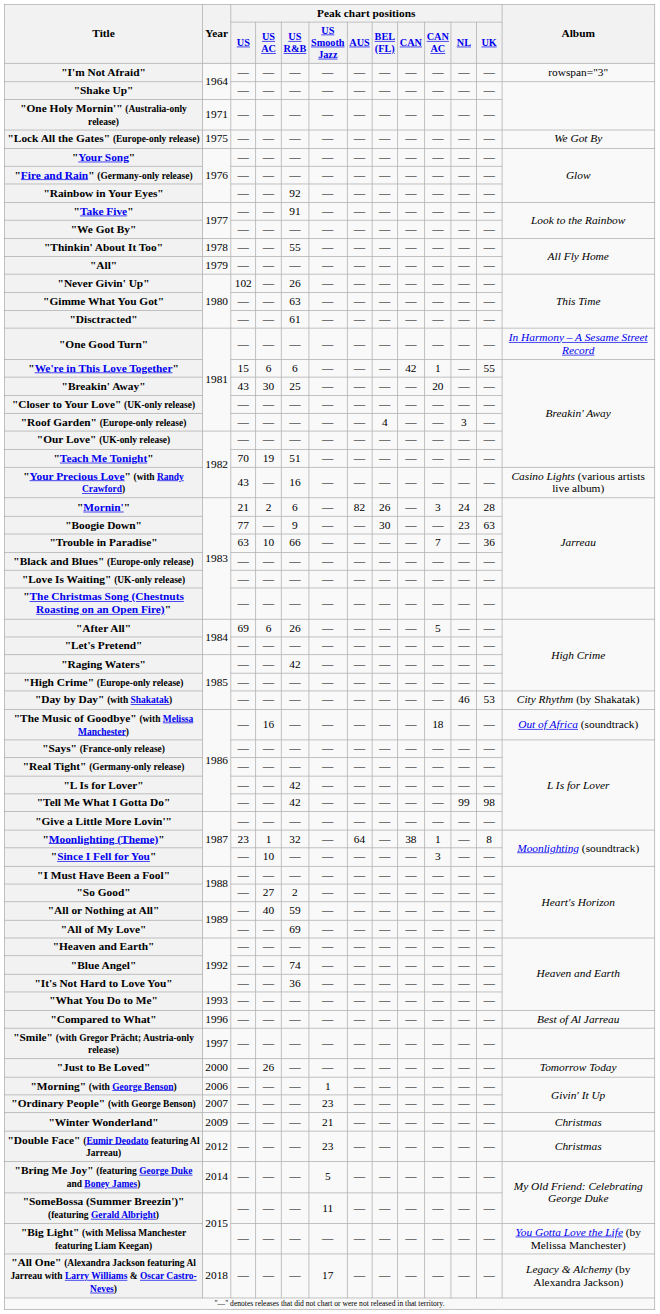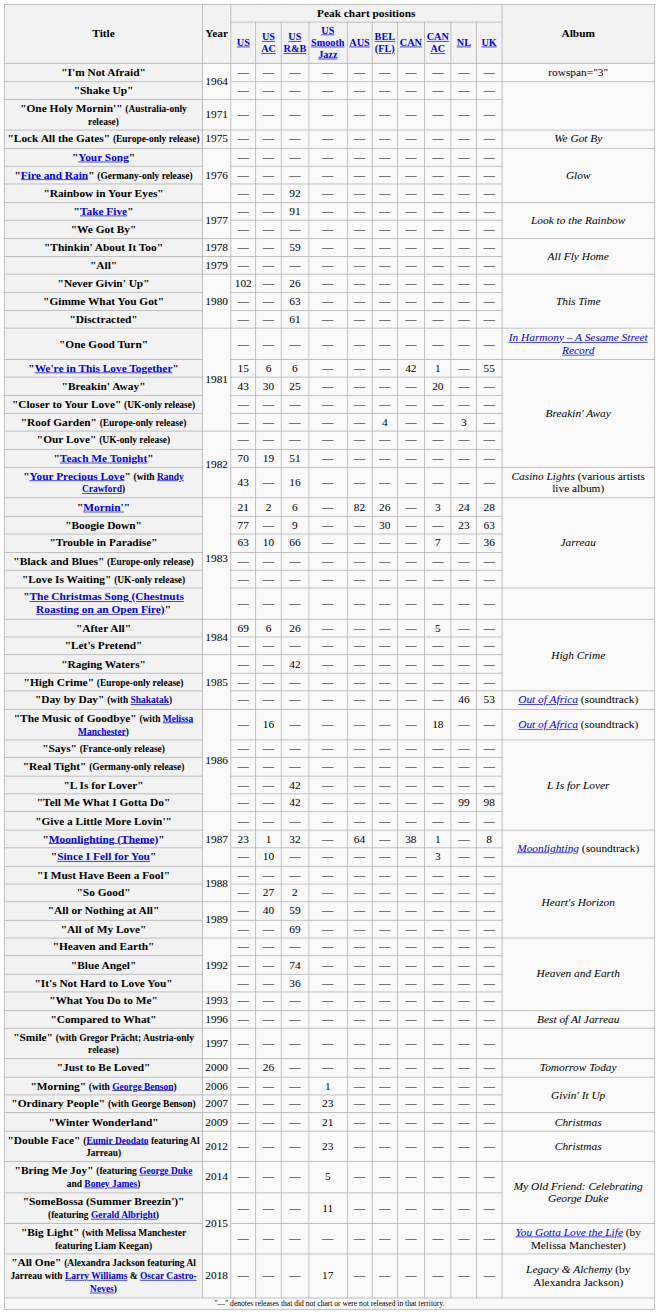 <table class="wikitable plainrowheaders" style="text-align:center;">
 <tr>
 <th rowspan="2" scope="col" style="width:17em;">Title</th>
 <th rowspan="2" scope="col" style="width:2em;">Year</th>
 <th colspan="10">Peak chart positions</th>
 <th rowspan="2" style="width:13em;">Album</th>
 </tr>
 <tr>
 <th scope="col" style="width:2em;font-size:90%;"><a href='#'>US</a><br></th>
 <th scope="col" style="width:2em;font-size:90%;"><a href='#'>US AC</a><br></th>
 <th scope="col" style="width:2em;font-size:90%;"><a href='#'>US R&B</a><br></th>
 <th scope="col" style="width:2em;font-size:90%;"><a href='#'>US Smooth Jazz</a><br></th>
 <th scope="col" style="width:2em;font-size:90%;"><a href='#'>AUS</a><br></th>
 <th scope="col" style="width:2em;font-size:90%;"><a href='#'>BEL (FL)</a><br></th>
 <th scope="col" style="width:2em;font-size:90%;"><a href='#'>CAN</a><br></th>
 <th scope="col" style="width:2em;font-size:90%;"><a href='#'>CAN AC</a><br></th>
 <th scope="col" style="width:2em;font-size:90%;"><a href='#'>NL</a><br></th>
 <th scope="col" style="width:2em;font-size:90%;"><a href='#'>UK</a><br></th>
 </tr>
 <tr>
 <th scope="row">"I'm Not Afraid"</th>
 <td rowspan="2">1964</td>
 <td>—</td>
 <td>—</td>
 <td>—</td>
 <td>—</td>
 <td>—</td>
 <td>—</td>
 <td>—</td>
 <td>—</td>
 <td>—</td>
 <td>—</td>
 <td>rowspan="3" </td>
 </tr>
 <tr>
 <th scope="row">"Shake Up"</th>
 <td>—</td>
 <td>—</td>
 <td>—</td>
 <td>—</td>
 <td>—</td>
 <td>—</td>
 <td>—</td>
 <td>—</td>
 <td>—</td>
 <td>—</td>
 </tr>
 <tr>
 <th scope="row">"One Holy Mornin'" <small>(Australia-only release)</small></th>
 <td>1971</td>
 <td>—</td>
 <td>—</td>
 <td>—</td>
 <td>—</td>
 <td>—</td>
 <td>—</td>
 <td>—</td>
 <td>—</td>
 <td>—</td>
 <td>—</td>
 </tr>
 <tr>
 <th scope="row">"Lock All the Gates" <small>(Europe-only release)</small></th>
 <td>1975</td>
 <td>—</td>
 <td>—</td>
 <td>—</td>
 <td>—</td>
 <td>—</td>
 <td>—</td>
 <td>—</td>
 <td>—</td>
 <td>—</td>
 <td>—</td>
 <td><em>We Got By</em></td>
 </tr>
 <tr>
 <th scope="row">"<a href='#'>Your Song</a>"</th>
 <td rowspan="3">1976</td>
 <td>—</td>
 <td>—</td>
 <td>—</td>
 <td>—</td>
 <td>—</td>
 <td>—</td>
 <td>—</td>
 <td>—</td>
 <td>—</td>
 <td>—</td>
 <td rowspan="3"><em>Glow</em></td>
 </tr>
 <tr>
 <th scope="row">"<a href='#'>Fire and Rain</a>" <small>(Germany-only release)</small></th>
 <td>—</td>
 <td>—</td>
 <td>—</td>
 <td>—</td>
 <td>—</td>
 <td>—</td>
 <td>—</td>
 <td>—</td>
 <td>—</td>
 <td>—</td>
 </tr>
 <tr>
 <th scope="row">"Rainbow in Your Eyes"</th>
 <td>—</td>
 <td>—</td>
 <td>92</td>
 <td>—</td>
 <td>—</td>
 <td>—</td>
 <td>—</td>
 <td>—</td>
 <td>—</td>
 <td>—</td>
 </tr>
 <tr>
 <th scope="row">"<a href='#'>Take Five</a>"</th>
 <td rowspan="2">1977</td>
 <td>—</td>
 <td>—</td>
 <td>91</td>
 <td>—</td>
 <td>—</td>
 <td>—</td>
 <td>—</td>
 <td>—</td>
 <td>—</td>
 <td>—</td>
 <td rowspan="2"><em>Look to the Rainbow</em></td>
 </tr>
 <tr>
 <th scope="row">"We Got By"</th>
 <td>—</td>
 <td>—</td>
 <td>—</td>
 <td>—</td>
 <td>—</td>
 <td>—</td>
 <td>—</td>
 <td>—</td>
 <td>—</td>
 <td>—</td>
 </tr>
 <tr>
 <th scope="row">"Thinkin' About It Too"</th>
 <td>1978</td>
 <td>—</td>
 <td>—</td>
-<td>55</td>
+<td>59</td>
 <td>—</td>
 <td>—</td>
 <td>—</td>
 <td>—</td>
 <td>—</td>
 <td>—</td>
 <td>—</td>
 <td rowspan="2"><em>All Fly Home</em></td>
 </tr>
 <tr>
 <th scope="row">"All"</th>
 <td>1979</td>
 <td>—</td>
 <td>—</td>
 <td>—</td>
 <td>—</td>
 <td>—</td>
 <td>—</td>
 <td>—</td>
 <td>—</td>
 <td>—</td>
 <td>—</td>
 </tr>
 <tr>
 <th scope="row">"Never Givin' Up"</th>
 <td rowspan="3">1980</td>
 <td>102</td>
 <td>—</td>
 <td>26</td>
 <td>—</td>
 <td>—</td>
 <td>—</td>
 <td>—</td>
 <td>—</td>
 <td>—</td>
 <td>—</td>
 <td rowspan="3"><em>This Time</em></td>
 </tr>
 <tr>
 <th scope="row">"Gimme What You Got"</th>
 <td>—</td>
 <td>—</td>
 <td>63</td>
 <td>—</td>
 <td>—</td>
 <td>—</td>
 <td>—</td>
 <td>—</td>
 <td>—</td>
 <td>—</td>
 </tr>
 <tr>
 <th scope="row">"Disctracted"</th>
 <td>—</td>
 <td>—</td>
 <td>61</td>
 <td>—</td>
 <td>—</td>
 <td>—</td>
 <td>—</td>
 <td>—</td>
 <td>—</td>
 <td>—</td>
 </tr>
 <tr>
 <th scope="row">"One Good Turn"</th>
 <td rowspan="5">1981</td>
 <td>—</td>
 <td>—</td>
 <td>—</td>
 <td>—</td>
 <td>—</td>
 <td>—</td>
 <td>—</td>
 <td>—</td>
 <td>—</td>
 <td>—</td>
 <td><em><a href='#'>In Harmony – A Sesame Street Record</a></em></td>
 </tr>
 <tr>
 <th scope="row">"<a href='#'>We're in This Love Together</a>"</th>
 <td>15</td>
 <td>6</td>
 <td>6</td>
 <td>—</td>
 <td>—</td>
 <td>—</td>
 <td>42</td>
 <td>1</td>
 <td>—</td>
 <td>55</td>
 <td rowspan="6"><em>Breakin' Away</em></td>
 </tr>
 <tr>
 <th scope="row">"Breakin' Away"</th>
 <td>43</td>
 <td>30</td>
 <td>25</td>
 <td>—</td>
 <td>—</td>
 <td>—</td>
 <td>—</td>
 <td>20</td>
 <td>—</td>
 <td>—</td>
 </tr>
 <tr>
 <th scope="row">"Closer to Your Love" <small>(UK-only release)</small></th>
 <td>—</td>
 <td>—</td>
 <td>—</td>
 <td>—</td>
 <td>—</td>
 <td>—</td>
 <td>—</td>
 <td>—</td>
 <td>—</td>
 <td>—</td>
 </tr>
 <tr>
 <th scope="row">"Roof Garden" <small>(Europe-only release)</small></th>
 <td>—</td>
 <td>—</td>
 <td>—</td>
 <td>—</td>
 <td>—</td>
 <td>4</td>
 <td>—</td>
 <td>—</td>
 <td>3</td>
 <td>—</td>
 </tr>
 <tr>
 <th scope="row">"Our Love" <small>(UK-only release)</small></th>
 <td rowspan="3">1982</td>
 <td>—</td>
 <td>—</td>
 <td>—</td>
 <td>—</td>
 <td>—</td>
 <td>—</td>
 <td>—</td>
 <td>—</td>
 <td>—</td>
 <td>—</td>
 </tr>
 <tr>
 <th scope="row">"<a href='#'>Teach Me Tonight</a>"</th>
 <td>70</td>
 <td>19</td>
 <td>51</td>
 <td>—</td>
 <td>—</td>
 <td>—</td>
 <td>—</td>
 <td>—</td>
 <td>—</td>
 <td>—</td>
 </tr>
 <tr>
 <th scope="row">"<a href='#'>Your Precious Love</a>" <small>(with <a href='#'>Randy Crawford</a>)</small></th>
 <td>43</td>
 <td>—</td>
 <td>16</td>
 <td>—</td>
 <td>—</td>
 <td>—</td>
 <td>—</td>
 <td>—</td>
 <td>—</td>
 <td>—</td>
 <td><em>Casino Lights</em> (various artists live album)</td>
 </tr>
 <tr>
 <th scope="row">"<a href='#'>Mornin'</a>"</th>
 <td rowspan="6">1983</td>
 <td>21</td>
 <td>2</td>
 <td>6</td>
 <td>—</td>
 <td>82</td>
 <td>26</td>
 <td>—</td>
 <td>3</td>
 <td>24</td>
 <td>28</td>
 <td rowspan="5"><em>Jarreau</em></td>
 </tr>
 <tr>
 <th scope="row">"Boogie Down"</th>
 <td>77</td>
 <td>—</td>
 <td>9</td>
 <td>—</td>
 <td>—</td>
 <td>30</td>
 <td>—</td>
 <td>—</td>
 <td>23</td>
 <td>63</td>
 </tr>
 <tr>
 <th scope="row">"Trouble in Paradise"</th>
 <td>63</td>
 <td>10</td>
 <td>66</td>
 <td>—</td>
 <td>—</td>
 <td>—</td>
 <td>—</td>
 <td>7</td>
 <td>—</td>
 <td>36</td>
 </tr>
 <tr>
 <th scope="row">"Black and Blues" <small>(Europe-only release)</small></th>
 <td>—</td>
 <td>—</td>
 <td>—</td>
 <td>—</td>
 <td>—</td>
 <td>—</td>
 <td>—</td>
 <td>—</td>
 <td>—</td>
 <td>—</td>
 </tr>
 <tr>
 <th scope="row">"Love Is Waiting" <small>(UK-only release)</small></th>
 <td>—</td>
 <td>—</td>
 <td>—</td>
 <td>—</td>
 <td>—</td>
 <td>—</td>
 <td>—</td>
 <td>—</td>
 <td>—</td>
 <td>—</td>
 </tr>
 <tr>
 <th scope="row">"<a href='#'>The Christmas Song (Chestnuts Roasting on an Open Fire)</a>"</th>
 <td>—</td>
 <td>—</td>
 <td>—</td>
 <td>—</td>
 <td>—</td>
 <td>—</td>
 <td>—</td>
 <td>—</td>
 <td>—</td>
 <td>—</td>
 <td></td>
 </tr>
 <tr>
 <th scope="row">"After All"</th>
 <td rowspan="2">1984</td>
 <td>69</td>
 <td>6</td>
 <td>26</td>
 <td>—</td>
 <td>—</td>
 <td>—</td>
 <td>—</td>
 <td>5</td>
 <td>—</td>
 <td>—</td>
 <td rowspan="4"><em>High Crime</em></td>
 </tr>
 <tr>
 <th scope="row">"Let's Pretend"</th>
 <td>—</td>
 <td>—</td>
 <td>—</td>
 <td>—</td>
 <td>—</td>
 <td>—</td>
 <td>—</td>
 <td>—</td>
 <td>—</td>
 <td>—</td>
 </tr>
 <tr>
 <th scope="row">"Raging Waters"</th>
 <td rowspan="3">1985</td>
 <td>—</td>
 <td>—</td>
 <td>42</td>
 <td>—</td>
 <td>—</td>
 <td>—</td>
 <td>—</td>
 <td>—</td>
 <td>—</td>
 <td>—</td>
 </tr>
 <tr>
 <th scope="row">"High Crime" <small>(Europe-only release)</small></th>
 <td>—</td>
 <td>—</td>
 <td>—</td>
 <td>—</td>
 <td>—</td>
 <td>—</td>
 <td>—</td>
 <td>—</td>
 <td>—</td>
 <td>—</td>
 </tr>
 <tr>
 <th scope="row">"Day by Day" <small>(with <a href='#'>Shakatak</a>)</small></th>
 <td>—</td>
 <td>—</td>
 <td>—</td>
 <td>—</td>
 <td>—</td>
 <td>—</td>
 <td>—</td>
 <td>—</td>
 <td>46</td>
 <td>53</td>
-<td><em>City Rhythm</em> (by Shakatak)</td>
+<td><em><a href='#'>Out of Africa</a></em> (soundtrack)</td>
 </tr>
 <tr>
 <th scope="row">"The Music of Goodbye" <small>(with <a href='#'>Melissa Manchester</a>)</small></th>
 <td rowspan="5">1986</td>
 <td>—</td>
 <td>16</td>
 <td>—</td>
 <td>—</td>
 <td>—</td>
 <td>—</td>
 <td>—</td>
 <td>18</td>
 <td>—</td>
 <td>—</td>
 <td><em><a href='#'>Out of Africa</a></em> (soundtrack)</td>
 </tr>
 <tr>
 <th scope="row">"Says" <small>(France-only release)</small></th>
 <td>—</td>
 <td>—</td>
 <td>—</td>
 <td>—</td>
 <td>—</td>
 <td>—</td>
 <td>—</td>
 <td>—</td>
 <td>—</td>
 <td>—</td>
 <td rowspan="5"><em>L Is for Lover</em></td>
 </tr>
 <tr>
 <th scope="row">"Real Tight" <small>(Germany-only release)</small></th>
 <td>—</td>
 <td>—</td>
 <td>—</td>
 <td>—</td>
 <td>—</td>
 <td>—</td>
 <td>—</td>
 <td>—</td>
 <td>—</td>
 <td>—</td>
 </tr>
 <tr>
 <th scope="row">"L Is for Lover"</th>
 <td>—</td>
 <td>—</td>
 <td>42</td>
 <td>—</td>
 <td>—</td>
 <td>—</td>
 <td>—</td>
 <td>—</td>
 <td>—</td>
 <td>—</td>
 </tr>
 <tr>
 <th scope="row">"Tell Me What I Gotta Do"</th>
 <td>—</td>
 <td>—</td>
 <td>42</td>
 <td>—</td>
 <td>—</td>
 <td>—</td>
 <td>—</td>
 <td>—</td>
 <td>99</td>
 <td>98</td>
 </tr>
 <tr>
 <th scope="row">"Give a Little More Lovin'"</th>
 <td rowspan="3">1987</td>
 <td>—</td>
 <td>—</td>
 <td>—</td>
 <td>—</td>
 <td>—</td>
 <td>—</td>
 <td>—</td>
 <td>—</td>
 <td>—</td>
 <td>—</td>
 </tr>
 <tr>
 <th scope="row">"<a href='#'>Moonlighting (Theme)</a>"</th>
 <td>23</td>
 <td>1</td>
 <td>32</td>
 <td>—</td>
 <td>64</td>
 <td>—</td>
 <td>38</td>
 <td>1</td>
 <td>—</td>
 <td>8</td>
 <td rowspan="2"><em><a href='#'>Moonlighting</a></em> (soundtrack)</td>
 </tr>
 <tr>
 <th scope="row">"<a href='#'>Since I Fell for You</a>"</th>
 <td>—</td>
 <td>10</td>
 <td>—</td>
 <td>—</td>
 <td>—</td>
 <td>—</td>
 <td>—</td>
 <td>3</td>
 <td>—</td>
 <td>—</td>
 </tr>
 <tr>
 <th scope="row">"I Must Have Been a Fool"</th>
 <td rowspan="2">1988</td>
 <td>—</td>
 <td>—</td>
 <td>—</td>
 <td>—</td>
 <td>—</td>
 <td>—</td>
 <td>—</td>
 <td>—</td>
 <td>—</td>
 <td>—</td>
 <td rowspan="4"><em>Heart's Horizon</em></td>
 </tr>
 <tr>
 <th scope="row">"So Good"</th>
 <td>—</td>
 <td>27</td>
 <td>2</td>
 <td>—</td>
 <td>—</td>
 <td>—</td>
 <td>—</td>
 <td>—</td>
 <td>—</td>
 <td>—</td>
 </tr>
 <tr>
 <th scope="row">"All or Nothing at All"</th>
 <td rowspan="2">1989</td>
 <td>—</td>
 <td>40</td>
 <td>59</td>
 <td>—</td>
 <td>—</td>
 <td>—</td>
 <td>—</td>
 <td>—</td>
 <td>—</td>
 <td>—</td>
 </tr>
 <tr>
 <th scope="row">"All of My Love"</th>
 <td>—</td>
 <td>—</td>
 <td>69</td>
 <td>—</td>
 <td>—</td>
 <td>—</td>
 <td>—</td>
 <td>—</td>
 <td>—</td>
 <td>—</td>
 </tr>
 <tr>
 <th scope="row">"Heaven and Earth"</th>
 <td rowspan="3">1992</td>
 <td>—</td>
 <td>—</td>
 <td>—</td>
 <td>—</td>
 <td>—</td>
 <td>—</td>
 <td>—</td>
 <td>—</td>
 <td>—</td>
 <td>—</td>
 <td rowspan="4"><em>Heaven and Earth</em></td>
 </tr>
 <tr>
 <th scope="row">"Blue Angel"</th>
 <td>—</td>
 <td>—</td>
 <td>74</td>
 <td>—</td>
 <td>—</td>
 <td>—</td>
 <td>—</td>
 <td>—</td>
 <td>—</td>
 <td>—</td>
 </tr>
 <tr>
 <th scope="row">"It's Not Hard to Love You"</th>
 <td>—</td>
 <td>—</td>
 <td>36</td>
 <td>—</td>
 <td>—</td>
 <td>—</td>
 <td>—</td>
 <td>—</td>
 <td>—</td>
 <td>—</td>
 </tr>
 <tr>
 <th scope="row">"What You Do to Me"</th>
 <td>1993</td>
 <td>—</td>
 <td>—</td>
 <td>—</td>
 <td>—</td>
 <td>—</td>
 <td>—</td>
 <td>—</td>
 <td>—</td>
 <td>—</td>
 <td>—</td>
 </tr>
 <tr>
 <th scope="row">"Compared to What"</th>
 <td>1996</td>
 <td>—</td>
 <td>—</td>
 <td>—</td>
 <td>—</td>
 <td>—</td>
 <td>—</td>
 <td>—</td>
 <td>—</td>
 <td>—</td>
 <td>—</td>
 <td><em>Best of Al Jarreau</em></td>
 </tr>
 <tr>
 <th scope="row">"Smile" <small>(with Gregor Prächt; Austria-only release)</small></th>
 <td>1997</td>
 <td>—</td>
 <td>—</td>
 <td>—</td>
 <td>—</td>
 <td>—</td>
 <td>—</td>
 <td>—</td>
 <td>—</td>
 <td>—</td>
 <td>—</td>
 <td></td>
 </tr>
 <tr>
 <th scope="row">"Just to Be Loved"</th>
 <td>2000</td>
 <td>—</td>
 <td>26</td>
 <td>—</td>
 <td>—</td>
 <td>—</td>
 <td>—</td>
 <td>—</td>
 <td>—</td>
 <td>—</td>
 <td>—</td>
 <td><em>Tomorrow Today</em></td>
 </tr>
 <tr>
 <th scope="row">"Morning" <small>(with <a href='#'>George Benson</a>)</small></th>
 <td>2006</td>
 <td>—</td>
 <td>—</td>
 <td>—</td>
 <td>1</td>
 <td>—</td>
 <td>—</td>
 <td>—</td>
 <td>—</td>
 <td>—</td>
 <td>—</td>
 <td rowspan="2"><em>Givin' It Up</em></td>
 </tr>
 <tr>
 <th scope="row">"Ordinary People" <small>(with George Benson)</small></th>
 <td>2007</td>
 <td>—</td>
 <td>—</td>
 <td>—</td>
 <td>23</td>
 <td>—</td>
 <td>—</td>
 <td>—</td>
 <td>—</td>
 <td>—</td>
 <td>—</td>
 </tr>
 <tr>
 <th scope="row">"Winter Wonderland"</th>
 <td>2009</td>
 <td>—</td>
 <td>—</td>
 <td>—</td>
 <td>21</td>
 <td>—</td>
 <td>—</td>
 <td>—</td>
 <td>—</td>
 <td>—</td>
 <td>—</td>
 <td><em>Christmas</em></td>
 </tr>
 <tr>
 <th scope="row">"Double Face" <small>(<a href='#'>Eumir Deodato</a> featuring Al Jarreau)</small></th>
 <td>2012</td>
 <td>—</td>
 <td>—</td>
 <td>—</td>
 <td>23</td>
 <td>—</td>
 <td>—</td>
 <td>—</td>
 <td>—</td>
 <td>—</td>
 <td>—</td>
 <td><em>Christmas</em></td>
 </tr>
 <tr>
 <th scope="row">"Bring Me Joy" <small>(featuring <a href='#'>George Duke</a> and <a href='#'>Boney James</a>)</small></th>
 <td>2014</td>
 <td>—</td>
 <td>—</td>
 <td>—</td>
 <td>5</td>
 <td>—</td>
 <td>—</td>
 <td>—</td>
 <td>—</td>
 <td>—</td>
 <td>—</td>
 <td rowspan="2"><em>My Old Friend: Celebrating George Duke</em></td>
 </tr>
 <tr>
 <th scope="row">"SomeBossa (Summer Breezin')" <small>(featuring <a href='#'>Gerald Albright</a>)</small></th>
 <td rowspan="2">2015</td>
 <td>—</td>
 <td>—</td>
 <td>—</td>
 <td>11</td>
 <td>—</td>
 <td>—</td>
 <td>—</td>
 <td>—</td>
 <td>—</td>
 <td>—</td>
 </tr>
 <tr>
 <th scope="row">"Big Light" <small>(with Melissa Manchester featuring Liam Keegan)</small></th>
 <td>—</td>
 <td>—</td>
 <td>—</td>
 <td>—</td>
 <td>—</td>
 <td>—</td>
 <td>—</td>
 <td>—</td>
 <td>—</td>
 <td>—</td>
 <td><em><a href='#'>You Gotta Love the Life</a></em> (by Melissa Manchester)</td>
 </tr>
 <tr>
 <th scope="row">"All One" <small>(Alexandra Jackson featuring Al Jarreau with <a href='#'>Larry Williams</a> & <a href='#'>Oscar Castro-Neves</a>)</small></th>
 <td>2018</td>
 <td>—</td>
 <td>—</td>
 <td>—</td>
 <td>17</td>
 <td>—</td>
 <td>—</td>
 <td>—</td>
 <td>—</td>
 <td>—</td>
 <td>—</td>
 <td><em>Legacy & Alchemy</em> (by Alexandra Jackson)</td>
 </tr>
 <tr>
 <td colspan="13" style="font-size:8pt">"—" denotes releases that did not chart or were not released in that territory.</td>
 </tr>
 </table>
